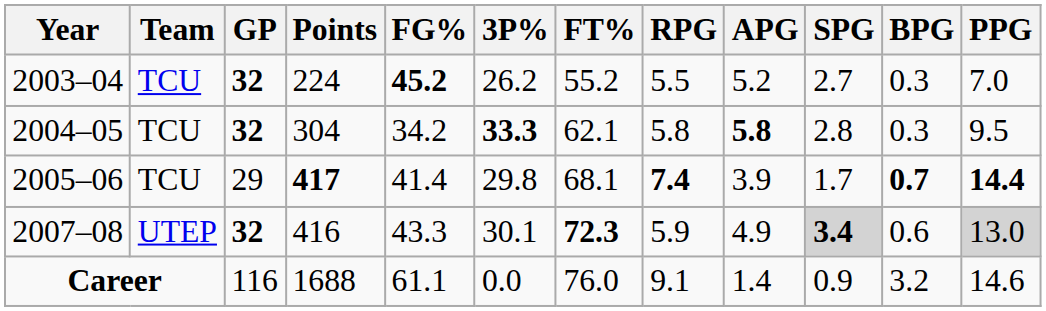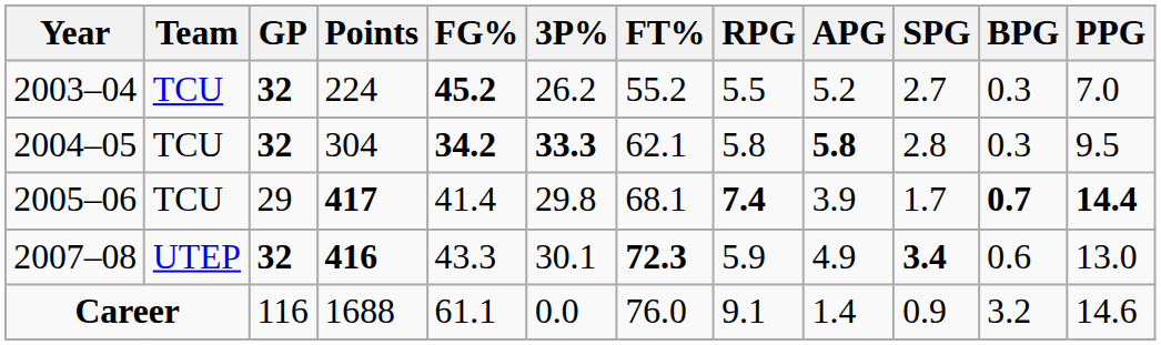 <table class="wikitable sortable">
 <tr>
 <th>Year</th>
 <th>Team</th>
 <th>GP</th>
 <th>Points</th>
 <th>FG%</th>
 <th>3P%</th>
 <th>FT%</th>
 <th>RPG</th>
 <th>APG</th>
 <th>SPG</th>
 <th>BPG</th>
 <th>PPG</th>
 </tr>
 <tr>
 <td>2003–04</td>
 <td><a href='#'>TCU</a></td>
 <td><strong>32</strong></td>
 <td>224</td>
 <td><strong>45.2</strong></td>
 <td>26.2</td>
 <td>55.2</td>
 <td>5.5</td>
 <td>5.2</td>
 <td>2.7</td>
 <td>0.3</td>
 <td>7.0</td>
 </tr>
 <tr>
 <td>2004–05</td>
 <td>TCU</td>
 <td><strong>32</strong></td>
 <td>304</td>
-<td>34.2</td>
+<td><strong>34.2</strong></td>
 <td><strong>33.3</strong></td>
 <td>62.1</td>
 <td>5.8</td>
 <td><strong>5.8</strong></td>
 <td>2.8</td>
 <td>0.3</td>
 <td>9.5</td>
 </tr>
 <tr>
 <td>2005–06</td>
 <td>TCU</td>
 <td>29</td>
 <td><strong>417</strong></td>
 <td>41.4</td>
 <td>29.8</td>
 <td>68.1</td>
 <td><strong>7.4</strong></td>
 <td>3.9</td>
 <td>1.7</td>
 <td><strong>0.7</strong></td>
 <td><strong>14.4</strong></td>
 </tr>
 <tr>
 <td>2007–08</td>
 <td><a href='#'>UTEP</a></td>
 <td><strong>32</strong></td>
-<td>416</td>
+<td><strong>416</strong></td>
 <td>43.3</td>
 <td>30.1</td>
 <td><strong>72.3</strong></td>
 <td>5.9</td>
 <td>4.9</td>
-<td style="background: lightgrey;"><strong>3.4</strong></td>
+<td><strong>3.4</strong></td>
 <td>0.6</td>
-<td style="background: lightgrey;">13.0</td>
+<td>13.0</td>
 </tr>
 <tr class="sortbottom">
 <td colspan=2 align=center><strong>Career</strong></td>
 <td>116</td>
 <td>1688</td>
 <td>61.1</td>
 <td>0.0</td>
 <td>76.0</td>
 <td>9.1</td>
 <td>1.4</td>
 <td>0.9</td>
 <td>3.2</td>
 <td>14.6</td>
 </tr>
 </table>
